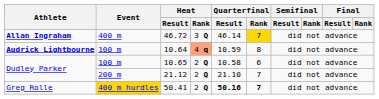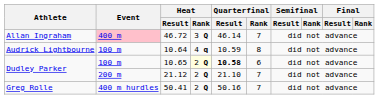 <table class="wikitable" style="font-size:90%">
 <tr>
 <th rowspan="2">Athlete</th>
 <th rowspan="2">Event</th>
 <th colspan="2">Heat</th>
 <th colspan="2">Quarterfinal</th>
 <th colspan="2">Semifinal</th>
 <th colspan="2">Final</th>
 </tr>
 <tr style="font-size:95%">
 <th>Result</th>
 <th>Rank</th>
 <th>Result</th>
 <th>Rank</th>
 <th>Result</th>
 <th>Rank</th>
 <th>Result</th>
 <th>Rank</th>
 </tr>
 <tr align=center>
-<td align=left><strong><a href='#'>Allan Ingraham</a></strong></td>
-<td align=left><a href='#'>400 m</a></td>
+<td align=left><a href='#'>Allan Ingraham</a></td>
+<td align=left style="background: pink;"><a href='#'>400 m</a></td>
 <td>46.72</td>
 <td>3 <strong>Q</strong></td>
 <td>46.14</td>
-<td style="background: gold;">7</td>
+<td>7</td>
 <td colspan=4>did not advance</td>
 </tr>
 <tr align=center>
-<td align=left><strong><a href='#'>Audrick Lightbourne</a></strong></td>
+<td align=left><a href='#'>Audrick Lightbourne</a></td>
 <td align=left><a href='#'>100 m</a></td>
 <td>10.64</td>
-<td style="background: lightsalmon;">4 <strong>q</strong></td>
+<td>4 <strong>q</strong></td>
 <td>10.59</td>
 <td>8</td>
 <td colspan=4>did not advance</td>
 </tr>
 <tr align=center>
 <td align=left rowspan=2><a href='#'>Dudley Parker</a></td>
 <td align=left><a href='#'>100 m</a></td>
 <td>10.65</td>
-<td>2 <strong>Q</strong></td>
-<td>10.58</td>
+<td style="background: lightyellow;">2 <strong>Q</strong></td>
+<td><strong>10.58</strong></td>
 <td>6</td>
 <td colspan=4>did not advance</td>
 </tr>
 <tr align=center>
 <td align=left><a href='#'>200 m</a></td>
 <td>21.12</td>
 <td>2 <strong>Q</strong></td>
 <td>21.10</td>
 <td>7</td>
 <td colspan=4>did not advance</td>
 </tr>
 <tr align=center>
 <td align=left><a href='#'>Greg Rolle</a></td>
-<td align=left style="background: gold;"><a href='#'>400 m hurdles</a></td>
+<td align=left><a href='#'>400 m hurdles</a></td>
 <td>50.41</td>
 <td>2 <strong>Q</strong></td>
-<td><strong>50.16</strong></td>
-<td><strong>7</strong></td>
+<td>50.16</td>
+<td>7</td>
 <td colspan=6>did not advance</td>
 </tr>
 </table>
